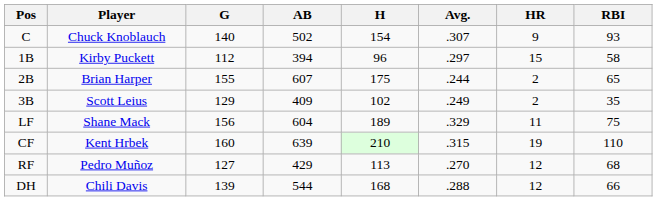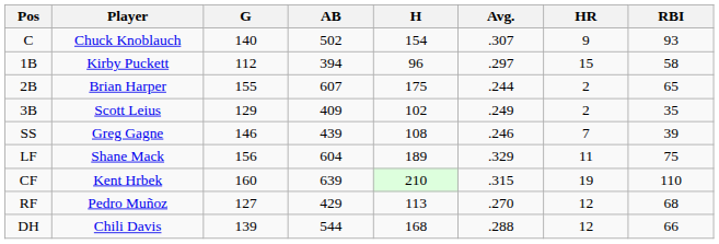 <table class="wikitable sortable">
 <tr>
 <th bgcolor="#DDDDFF" width="5%">Pos</th>
 <th bgcolor="#DDDDFF" width="16%">Player</th>
 <th bgcolor="#DDDDFF" width="9%">G</th>
 <th bgcolor="#DDDDFF" width="9%">AB</th>
 <th bgcolor="#DDDDFF" width="9%">H</th>
 <th bgcolor="#DDDDFF" width="9%">Avg.</th>
 <th bgcolor="#DDDDFF" width="9%">HR</th>
 <th bgcolor="#DDDDFF" width="9%">RBI</th>
 </tr>
 <tr align="center">
 <td>C</td>
 <td><a href='#'>Chuck Knoblauch</a></td>
 <td>140</td>
 <td>502</td>
 <td>154</td>
 <td>.307</td>
 <td>9</td>
 <td>93</td>
 </tr>
 <tr align="center">
 <td>1B</td>
 <td><a href='#'>Kirby Puckett</a></td>
 <td>112</td>
 <td>394</td>
 <td>96</td>
 <td>.297</td>
 <td>15</td>
 <td>58</td>
 </tr>
 <tr align="center">
 <td>2B</td>
 <td><a href='#'>Brian Harper</a></td>
 <td>155</td>
 <td>607</td>
 <td>175</td>
 <td>.244</td>
 <td>2</td>
 <td>65</td>
 </tr>
 <tr align="center">
 <td>3B</td>
 <td><a href='#'>Scott Leius</a></td>
 <td>129</td>
 <td>409</td>
 <td>102</td>
 <td>.249</td>
 <td>2</td>
 <td>35</td>
 </tr>
 <tr align="center">
+<td>SS</td>
+<td><a href='#'>Greg Gagne</a></td>
+<td>146</td>
+<td>439</td>
+<td>108</td>
+<td>.246</td>
+<td>7</td>
+<td>39</td>
+</tr>
+<tr align="center">
 <td>LF</td>
 <td><a href='#'>Shane Mack</a></td>
 <td>156</td>
 <td>604</td>
 <td>189</td>
 <td>.329</td>
 <td>11</td>
 <td>75</td>
 </tr>
 <tr align="center">
 <td>CF</td>
 <td><a href='#'>Kent Hrbek</a></td>
 <td>160</td>
 <td>639</td>
 <td style="background:#DDFFDD;">210</td>
 <td>.315</td>
 <td>19</td>
 <td>110</td>
 </tr>
 <tr align="center">
 <td>RF</td>
 <td><a href='#'>Pedro Muñoz</a></td>
 <td>127</td>
 <td>429</td>
 <td>113</td>
 <td>.270</td>
 <td>12</td>
 <td>68</td>
 </tr>
 <tr align="center">
 <td>DH</td>
 <td><a href='#'>Chili Davis</a></td>
 <td>139</td>
 <td>544</td>
 <td>168</td>
 <td>.288</td>
 <td>12</td>
 <td>66</td>
 </tr>
 </table>
